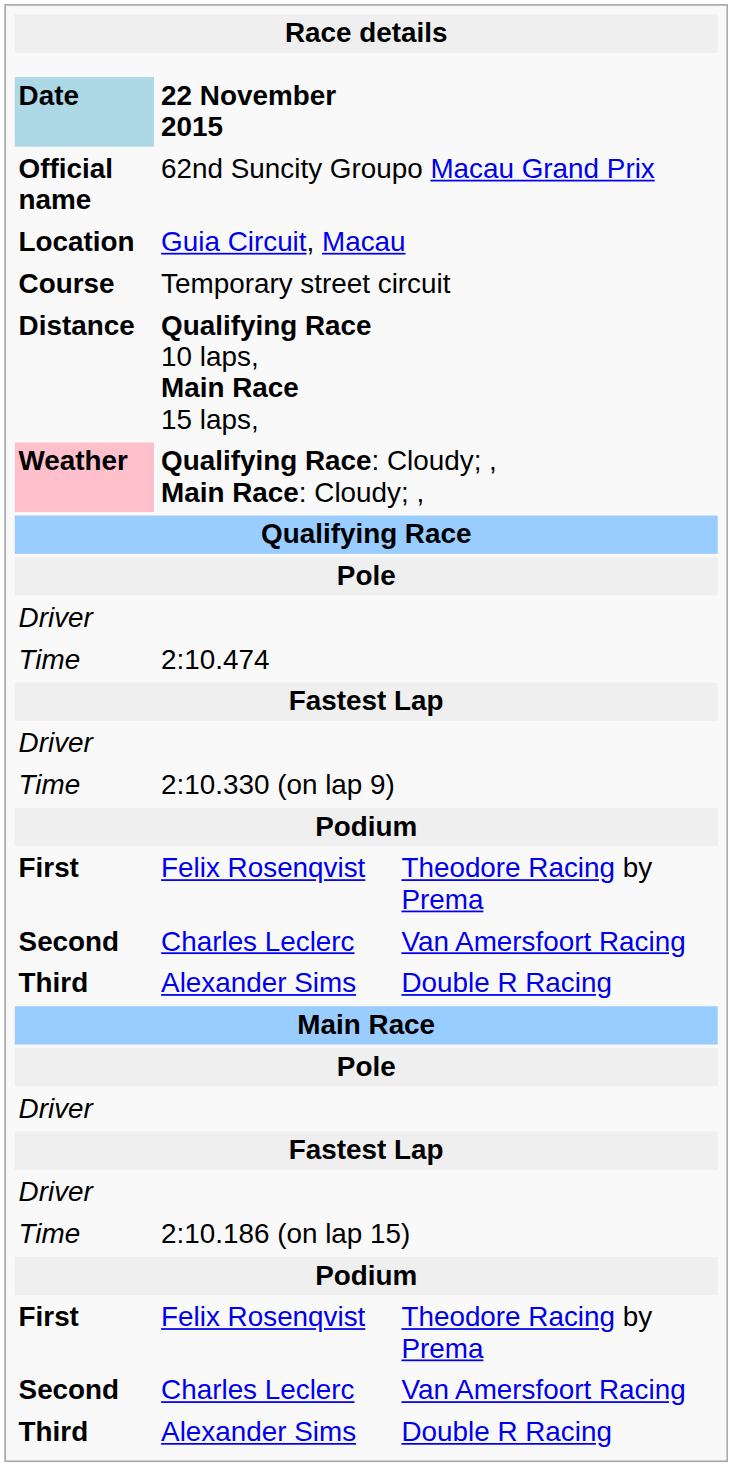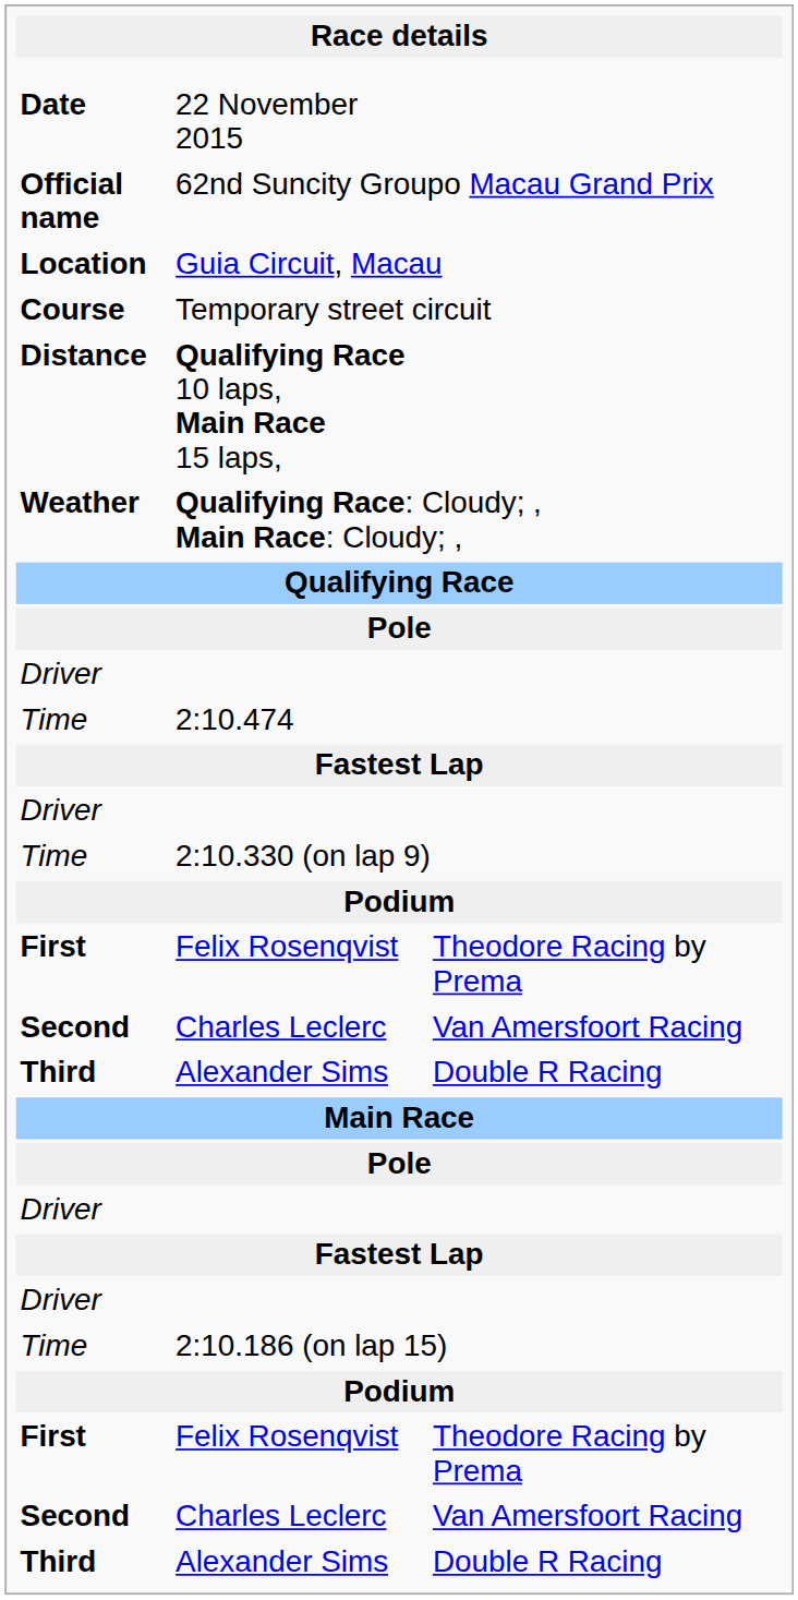 <table class="infobox" align="right" cellpadding="2" style="float:right; width: 26em; ">
 <tr>
 <th colspan="3" bgcolor="#efefef">Race details</th>
 </tr>
 <tr>
 <td colspan="3" style="text-align:center;"></td>
 </tr>
 <tr>
 <td colspan="3" style="text-align:center;"></td>
 </tr>
 <tr>
-<td style="background: lightblue; width: 20%;"><strong>Date</strong></td>
-<td><strong>22 November 2015</strong></td>
+<td style="width: 20%;"><strong>Date</strong></td>
+<td>22 November 2015</td>
 </tr>
 <tr>
 <td><strong>Official name</strong></td>
 <td colspan=2>62nd Suncity Groupo <a href='#'>Macau Grand Prix</a></td>
 </tr>
 <tr>
 <td><strong>Location</strong></td>
 <td colspan=2><a href='#'>Guia Circuit</a>, <a href='#'>Macau</a></td>
 </tr>
 <tr>
 <td><strong>Course</strong></td>
 <td colspan=2>Temporary street circuit<br></td>
 </tr>
 <tr>
 <td><strong>Distance</strong></td>
 <td colspan=2><strong>Qualifying Race</strong><br>10 laps, <br><strong>Main Race</strong><br>15 laps, </td>
 </tr>
 <tr>
-<td style="background: pink;"><strong>Weather</strong></td>
+<td><strong>Weather</strong></td>
 <td colspan=2><strong>Qualifying Race</strong>: Cloudy;  ,  <br><strong>Main Race</strong>: Cloudy;  ,  </td>
 </tr>
 <tr>
 <td colspan="3" style="text-align:center; background-color:#99ccff"><strong>Qualifying Race</strong></td>
 </tr>
 <tr>
 <th colspan="3" bgcolor="#efefef">Pole</th>
 </tr>
 <tr>
 <td><em>Driver</em></td>
 <td></td>
 <td></td>
 </tr>
 <tr>
 <td><em>Time</em></td>
 <td colspan=2>2:10.474</td>
 </tr>
 <tr>
 <th colspan="3" bgcolor="#efefef">Fastest Lap</th>
 </tr>
 <tr>
 <td><em>Driver</em></td>
 <td></td>
 <td></td>
 </tr>
 <tr>
 <td><em>Time</em></td>
 <td colspan=2>2:10.330 (on lap 9)</td>
 </tr>
 <tr>
 <th colspan="3" bgcolor="#efefef">Podium</th>
 </tr>
 <tr>
 <td><strong>First</strong></td>
 <td> <a href='#'>Felix Rosenqvist</a></td>
 <td><a href='#'>Theodore Racing</a> by <a href='#'>Prema</a></td>
 </tr>
 <tr>
 <td><strong>Second</strong></td>
 <td> <a href='#'>Charles Leclerc</a></td>
 <td><a href='#'>Van Amersfoort Racing</a></td>
 </tr>
 <tr>
 <td><strong>Third</strong></td>
 <td> <a href='#'>Alexander Sims</a></td>
 <td><a href='#'>Double R Racing</a></td>
 </tr>
 <tr>
 <td colspan="3" style="text-align:center; background-color:#99ccff"><strong>Main Race</strong></td>
 </tr>
 <tr>
 <th colspan="3" bgcolor="#efefef">Pole</th>
 </tr>
 <tr>
 <td><em>Driver</em></td>
 <td></td>
 <td></td>
 </tr>
 <tr>
 <th colspan="3" bgcolor="#efefef">Fastest Lap</th>
 </tr>
 <tr>
 <td><em>Driver</em></td>
 <td></td>
 <td></td>
 </tr>
 <tr>
 <td><em>Time</em></td>
 <td colspan=2>2:10.186 (on lap 15)</td>
 </tr>
 <tr>
 <th colspan="3" bgcolor="#efefef">Podium</th>
 </tr>
 <tr>
 <td><strong>First</strong></td>
 <td> <a href='#'>Felix Rosenqvist</a></td>
 <td><a href='#'>Theodore Racing</a> by <a href='#'>Prema</a></td>
 </tr>
 <tr>
 <td><strong>Second</strong></td>
 <td> <a href='#'>Charles Leclerc</a></td>
 <td><a href='#'>Van Amersfoort Racing</a></td>
 </tr>
 <tr>
 <td><strong>Third</strong></td>
 <td> <a href='#'>Alexander Sims</a></td>
 <td><a href='#'>Double R Racing</a></td>
 </tr>
 </table>
